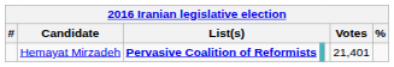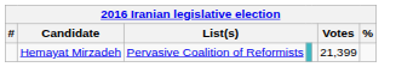 <table class=wikitable style=text-align:left>
 <tr>
 <th colspan="7" align=center><a href='#'>2016 Iranian legislative election</a></th>
 </tr>
 <tr>
 <th>#</th>
 <th>Candidate</th>
 <th colspan="3">List(s)</th>
 <th>Votes</th>
 <th>%</th>
 </tr>
 <tr>
 <td></td>
 <td><a href='#'>Hemayat Mirzadeh</a></td>
-<td><strong><a href='#'>Pervasive Coalition of Reformists</a></strong></td>
+<td><a href='#'>Pervasive Coalition of Reformists</a></td>
 <td style="background:#3cb8c2"></td>
 <td></td>
-<td>21,401</td>
+<td>21,399</td>
 <td></td>
 </tr>
 </table>
